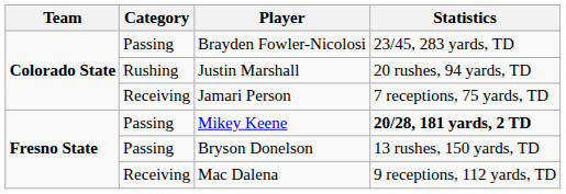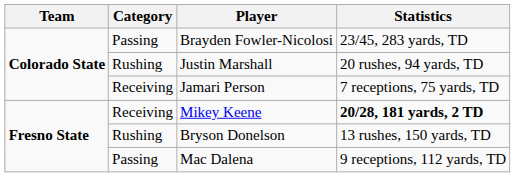 <table class="wikitable" style="float: right;">
 <tr>
 <th>Team</th>
 <th>Category</th>
 <th>Player</th>
 <th>Statistics</th>
 </tr>
 <tr>
 <td rowspan=3><strong>Colorado State</strong></td>
 <td>Passing</td>
 <td>Brayden Fowler-Nicolosi</td>
 <td>23/45, 283 yards, TD</td>
 </tr>
 <tr>
 <td>Rushing</td>
 <td>Justin Marshall</td>
 <td>20 rushes, 94 yards, TD</td>
 </tr>
 <tr>
 <td>Receiving</td>
 <td>Jamari Person</td>
 <td>7 receptions, 75 yards, TD</td>
 </tr>
 <tr>
 <td rowspan=3><strong>Fresno State</strong></td>
-<td>Passing</td>
+<td>Receiving</td>
 <td><a href='#'>Mikey Keene</a></td>
 <td><strong>20/28, 181 yards, 2 TD</strong></td>
 </tr>
 <tr>
-<td>Passing</td>
+<td>Rushing</td>
 <td>Bryson Donelson</td>
 <td>13 rushes, 150 yards, TD</td>
 </tr>
 <tr>
-<td>Receiving</td>
+<td>Passing</td>
 <td>Mac Dalena</td>
 <td>9 receptions, 112 yards, TD</td>
 </tr>
 </table>
